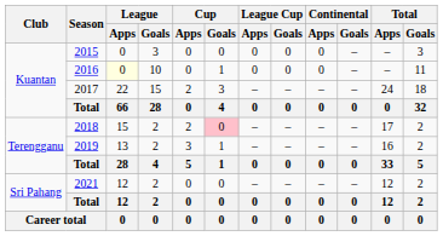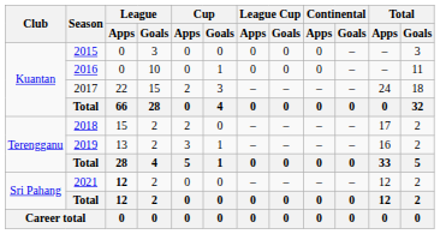 <table class="wikitable" style="text-align: center;">
 <tr>
 <th rowspan="2">Club</th>
 <th rowspan="2">Season</th>
 <th colspan="2">League</th>
 <th colspan="2">Cup</th>
 <th colspan="2">League Cup</th>
 <th colspan="2">Continental</th>
 <th colspan="2">Total</th>
 </tr>
 <tr>
 <th>Apps</th>
 <th>Goals</th>
 <th>Apps</th>
 <th>Goals</th>
 <th>Apps</th>
 <th>Goals</th>
 <th>Apps</th>
 <th>Goals</th>
 <th>Apps</th>
 <th>Goals</th>
 </tr>
 <tr>
 <td rowspan="4" valign="center"><a href='#'>Kuantan</a></td>
 <td><a href='#'>2015</a></td>
 <td>0</td>
 <td>3</td>
 <td>0</td>
 <td>0</td>
 <td>0</td>
 <td>0</td>
 <td>0</td>
 <td>–</td>
 <td>–</td>
 <td>3</td>
 </tr>
 <tr>
 <td><a href='#'>2016</a></td>
-<td style="background: lightyellow;">0</td>
+<td>0</td>
 <td>10</td>
 <td>0</td>
 <td>1</td>
 <td>0</td>
 <td>0</td>
 <td>0</td>
 <td>–</td>
 <td>–</td>
 <td>11</td>
 </tr>
 <tr>
 <td>2017</td>
 <td>22</td>
 <td>15</td>
 <td>2</td>
 <td>3</td>
 <td>–</td>
 <td>–</td>
 <td>–</td>
 <td>–</td>
 <td>24</td>
 <td>18</td>
 </tr>
 <tr>
 <th>Total</th>
 <th>66</th>
 <th>28</th>
 <th>0</th>
 <th>4</th>
 <th>0</th>
 <th>0</th>
 <th>0</th>
 <th>0</th>
 <th>0</th>
 <th>32</th>
 </tr>
 <tr>
 <td rowspan="3" valign="center"><a href='#'>Terengganu</a></td>
 <td><a href='#'>2018</a></td>
 <td>15</td>
 <td>2</td>
 <td>2</td>
-<td style="background: pink;">0</td>
+<td>0</td>
 <td>–</td>
 <td>–</td>
 <td>–</td>
 <td>–</td>
 <td>17</td>
 <td>2</td>
 </tr>
 <tr>
 <td><a href='#'>2019</a></td>
 <td>13</td>
 <td>2</td>
 <td>3</td>
 <td>1</td>
 <td>–</td>
 <td>–</td>
 <td>–</td>
 <td>–</td>
 <td>16</td>
 <td>2</td>
 </tr>
 <tr>
 <th>Total</th>
 <th>28</th>
 <th>4</th>
 <th>5</th>
 <th>1</th>
 <th>0</th>
 <th>0</th>
 <th>0</th>
 <th>0</th>
 <th>33</th>
 <th>5</th>
 </tr>
 <tr>
 <td rowspan="2" valign="center"><a href='#'>Sri Pahang</a></td>
 <td><a href='#'>2021</a></td>
-<td>12</td>
+<td><strong>12</strong></td>
 <td>2</td>
 <td>0</td>
 <td>0</td>
 <td>–</td>
 <td>–</td>
 <td>–</td>
 <td>–</td>
 <td>12</td>
 <td>2</td>
 </tr>
 <tr>
 <th>Total</th>
 <th>12</th>
 <th>2</th>
 <th>0</th>
 <th>0</th>
 <th>0</th>
 <th>0</th>
 <th>0</th>
 <th>0</th>
 <th>12</th>
 <th>2</th>
 </tr>
 <tr>
 <th colspan=2>Career total</th>
 <th>0</th>
 <th>0</th>
 <th>0</th>
 <th>0</th>
 <th>0</th>
 <th>0</th>
 <th>0</th>
 <th>0</th>
 <th>0</th>
 <th>0</th>
 </tr>
 </table>
